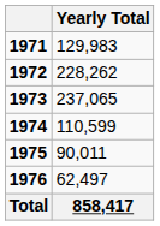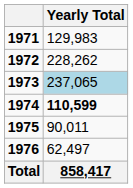 <table class="wikitable">
 <tr>
 <th></th>
 <th>Yearly Total</th>
 </tr>
 <tr>
 <td><strong>1971</strong></td>
 <td>129,983</td>
 </tr>
 <tr>
 <td><strong>1972</strong></td>
 <td>228,262</td>
 </tr>
 <tr>
 <td><strong>1973</strong></td>
-<td>237,065</td>
+<td style="background: lightblue;">237,065</td>
 </tr>
 <tr>
 <td><strong>1974</strong></td>
-<td>110,599</td>
+<td><strong>110,599</strong></td>
 </tr>
 <tr>
 <td><strong>1975</strong></td>
 <td>90,011</td>
 </tr>
 <tr>
 <td><strong>1976</strong></td>
 <td>62,497</td>
 </tr>
 <tr>
 <th><strong>Total</strong></th>
 <th><strong><u>858,417</u></strong></th>
 </tr>
 </table>
